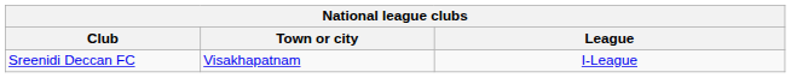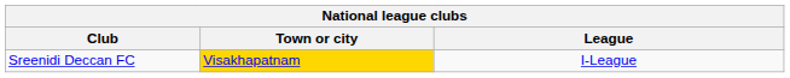 <table class="wikitable sortable" width="100%">
 <tr>
 <th colspan="3">National league clubs</th>
 </tr>
 <tr>
 <th !width="25%">Club</th>
 <th width="30%">Town or city</th>
 <th width="45%">League</th>
 </tr>
 <tr>
 <td><a href='#'>Sreenidi Deccan FC</a></td>
-<td><a href='#'>Visakhapatnam</a></td>
+<td style="background: gold;"><a href='#'>Visakhapatnam</a></td>
 <td align="center"><a href='#'>I-League</a></td>
 </tr>
 </table>
